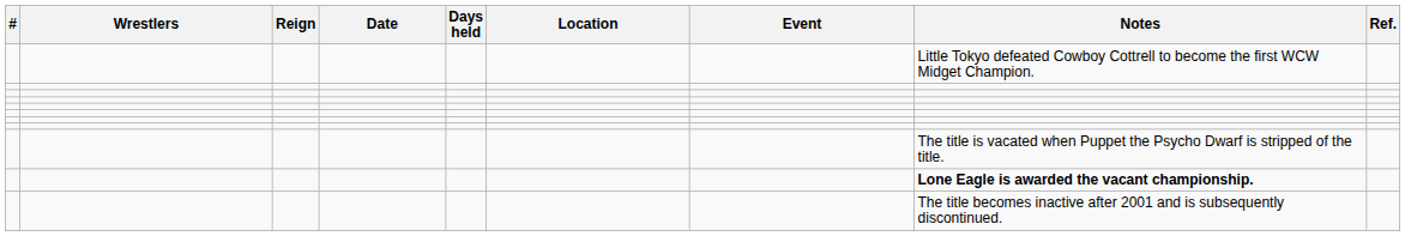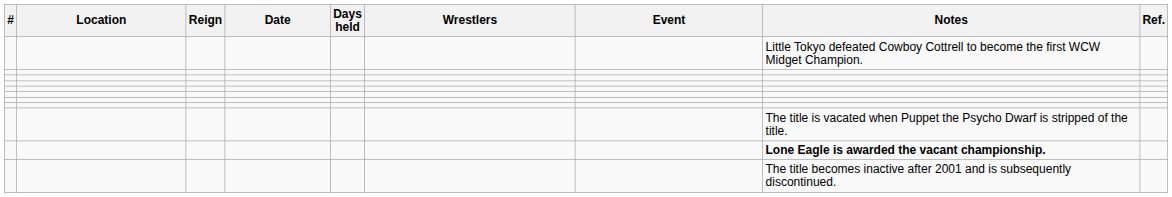 <table class="wikitable sortable" width=98% style="text-align:center;">
 <tr>
 <th width=0%>#</th>
-<th width=20%>Wrestlers</th>
+<th width=16%>Location</th>
 <th width=0%>Reign</th>
 <th width=10%>Date</th>
 <th width=0%>Days<br>held</th>
-<th width=16%>Location</th>
+<th width=20%>Wrestlers</th>
 <th width=18%>Event</th>
 <th width=60% class="unsortable">Notes</th>
 <th width=0% class="unsortable">Ref.</th>
 </tr>
 <tr>
 <td></td>
 <td></td>
 <td></td>
 <td></td>
 <td></td>
 <td></td>
 <td></td>
 <td align="left">Little Tokyo defeated Cowboy Cottrell to become the first WCW Midget Champion.</td>
 <td align="left"> </td>
 </tr>
 <tr>
 <td></td>
 <td></td>
 <td></td>
 <td></td>
 <td></td>
 <td></td>
 <td></td>
 <td align="left"></td>
 <td align="left"></td>
 </tr>
 <tr>
 <td></td>
 <td></td>
 <td></td>
 <td></td>
 <td></td>
 <td></td>
 <td></td>
 <td align="left"></td>
 <td align="left"></td>
 </tr>
 <tr>
 <td></td>
 <td></td>
 <td></td>
 <td></td>
 <td></td>
 <td></td>
 <td></td>
 <td align="left"></td>
 <td align="left"></td>
 </tr>
 <tr>
 <td></td>
 <td></td>
 <td></td>
 <td></td>
 <td></td>
 <td></td>
 <td></td>
 <td align="left"></td>
 <td align="left"></td>
 </tr>
 <tr>
 <td></td>
 <td></td>
 <td></td>
 <td></td>
 <td></td>
 <td></td>
 <td></td>
 <td align="left"></td>
 <td align="left"></td>
 </tr>
 <tr>
 <td></td>
 <td></td>
 <td></td>
 <td></td>
 <td></td>
 <td></td>
 <td></td>
 <td align="left"></td>
 <td align="left"></td>
 </tr>
 <tr>
 <td></td>
 <td></td>
 <td></td>
 <td></td>
 <td></td>
 <td></td>
 <td></td>
 <td align="left"></td>
 <td align="left"></td>
 </tr>
 <tr>
 <td></td>
 <td></td>
 <td></td>
 <td></td>
 <td></td>
 <td></td>
 <td></td>
 <td align="left">The title is vacated when Puppet the Psycho Dwarf is stripped of the title.</td>
 <td align="left"></td>
 </tr>
 <tr>
 <td></td>
 <td></td>
 <td></td>
 <td></td>
 <td></td>
 <td></td>
 <td></td>
 <td align="left"><strong>Lone Eagle is awarded the vacant championship.</strong></td>
 <td align="left"></td>
 </tr>
 <tr>
 <td></td>
 <td></td>
 <td></td>
 <td></td>
 <td></td>
 <td></td>
 <td></td>
 <td align="left">The title becomes inactive after 2001 and is subsequently discontinued.</td>
 <td align="left"></td>
 </tr>
 </table>
